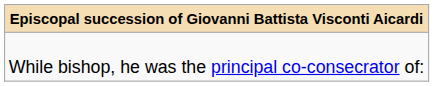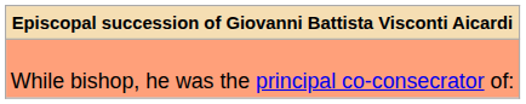 <table role="presentation" class="wikitable mw-collapsible mw-collapsed"|>
 <tr>
 <th style="background:#F5DEB3"><small>Episcopal succession of Giovanni Battista Visconti Aicardi</small></th>
 </tr>
 <tr>
-<td><br>While bishop, he was the <a href='#'>principal co-consecrator</a> of: </td>
+<td style="background: lightsalmon;"><br>While bishop, he was the <a href='#'>principal co-consecrator</a> of: </td>
 </tr>
 </table>
